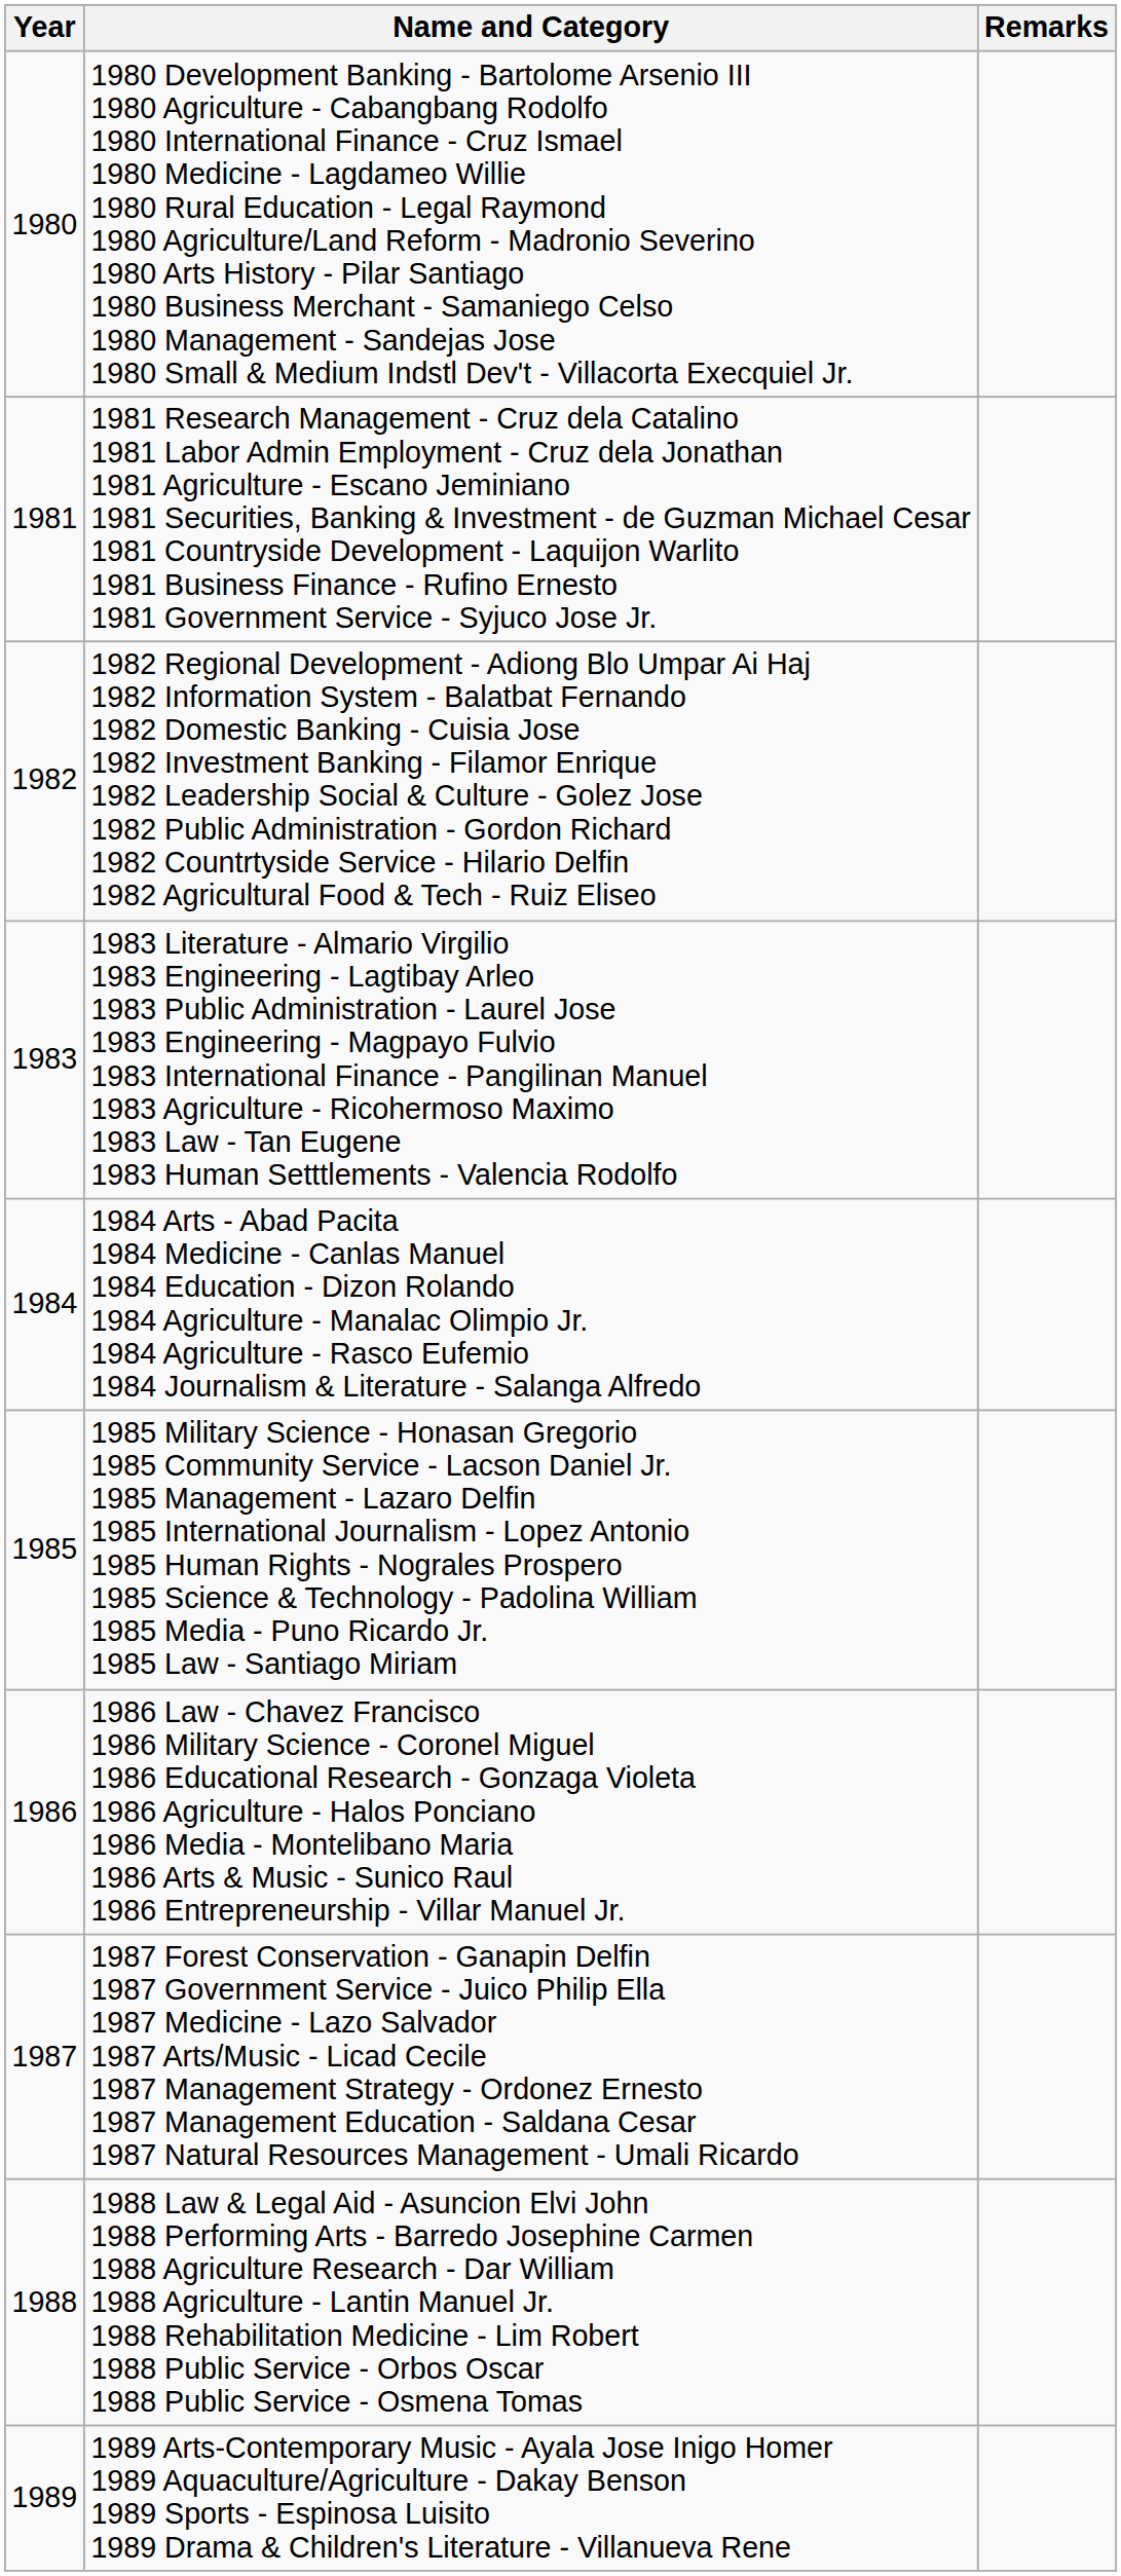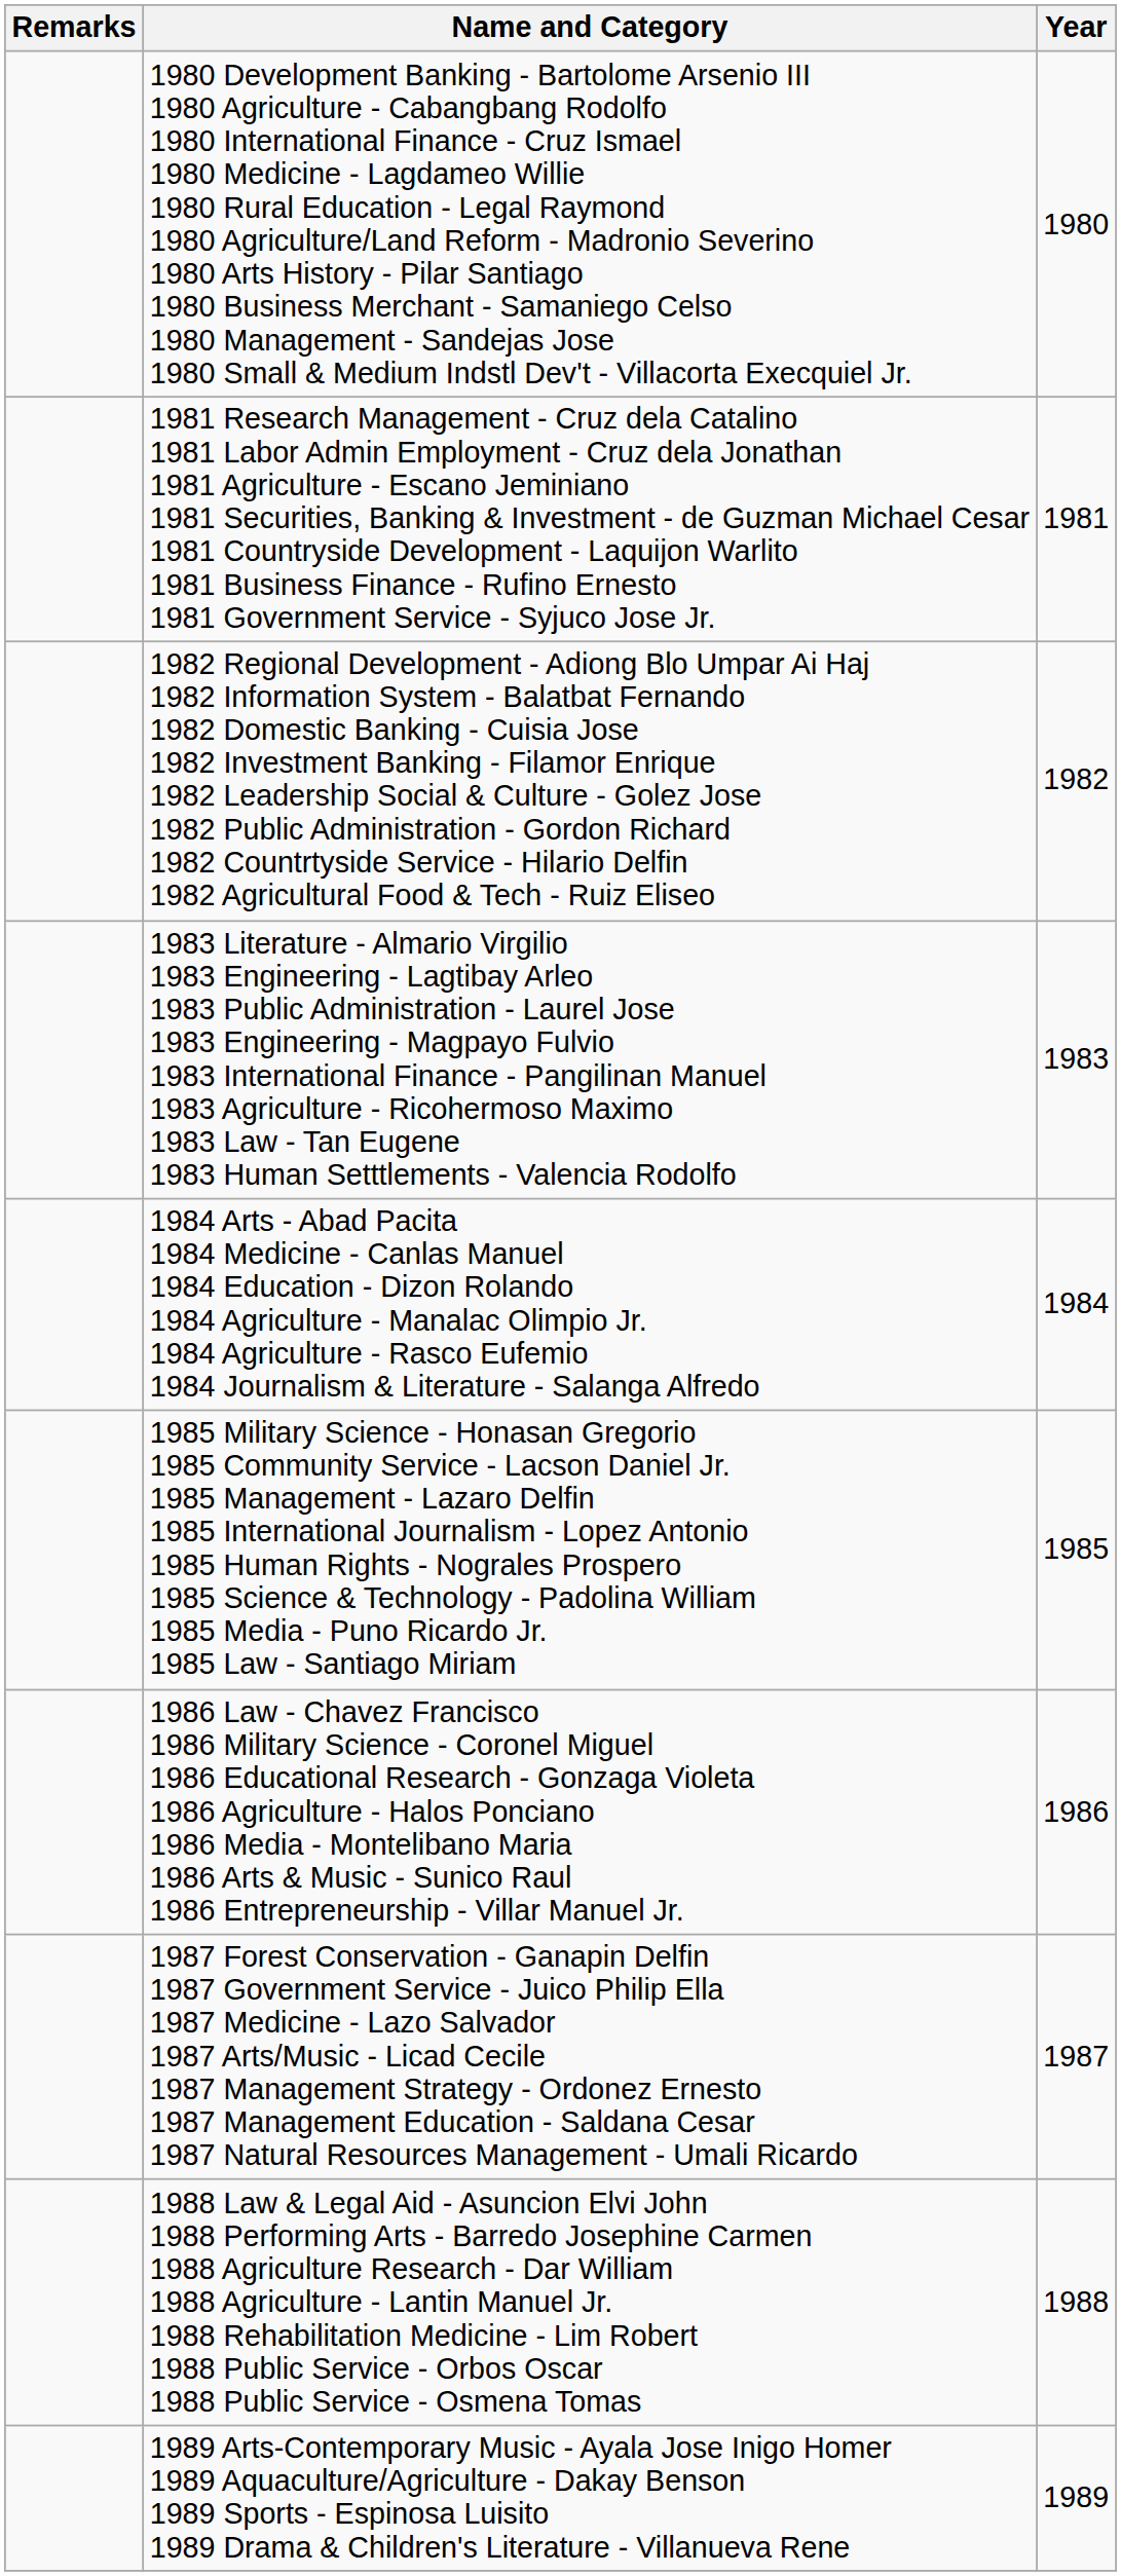 <table class="wikitable">
 <tr>
+<th>Remarks</th>
+<th>Name and Category</th>
 <th>Year</th>
-<th>Name and Category</th>
-<th>Remarks</th>
 </tr>
 <tr>
+<td></td>
+<td>1980 Development Banking - Bartolome Arsenio III<br>1980 Agriculture - Cabangbang Rodolfo<br>1980 International Finance - Cruz Ismael<br>1980 Medicine - Lagdameo Willie<br>1980 Rural Education - Legal Raymond<br>1980 Agriculture/Land Reform - Madronio Severino<br>1980 Arts History - Pilar Santiago<br>1980 Business Merchant - Samaniego Celso<br>1980 Management - Sandejas Jose<br>1980 Small & Medium Indstl Dev't - Villacorta Execquiel Jr.</td>
 <td>1980</td>
-<td>1980 Development Banking - Bartolome Arsenio III<br>1980 Agriculture - Cabangbang Rodolfo<br>1980 International Finance - Cruz Ismael<br>1980 Medicine - Lagdameo Willie<br>1980 Rural Education - Legal Raymond<br>1980 Agriculture/Land Reform - Madronio Severino<br>1980 Arts History - Pilar Santiago<br>1980 Business Merchant - Samaniego Celso<br>1980 Management - Sandejas Jose<br>1980 Small & Medium Indstl Dev't - Villacorta Execquiel Jr.</td>
-<td></td>
 </tr>
 <tr>
+<td></td>
+<td>1981 Research Management - Cruz dela Catalino<br>1981 Labor Admin Employment - Cruz dela Jonathan <br>1981 Agriculture - Escano Jeminiano<br>1981 Securities, Banking & Investment - de Guzman Michael Cesar<br>1981 Countryside Development - Laquijon Warlito<br>1981 Business Finance - Rufino Ernesto<br>1981 Government Service - Syjuco Jose Jr.</td>
 <td>1981</td>
-<td>1981 Research Management - Cruz dela Catalino<br>1981 Labor Admin Employment - Cruz dela Jonathan <br>1981 Agriculture - Escano Jeminiano<br>1981 Securities, Banking & Investment - de Guzman Michael Cesar<br>1981 Countryside Development - Laquijon Warlito<br>1981 Business Finance - Rufino Ernesto<br>1981 Government Service - Syjuco Jose Jr.</td>
-<td></td>
 </tr>
 <tr>
+<td></td>
+<td>1982 Regional Development - Adiong Blo Umpar Ai Haj<br>1982 Information System - Balatbat Fernando<br>1982 Domestic Banking - Cuisia Jose<br>1982 Investment Banking - Filamor Enrique<br>1982 Leadership Social & Culture - Golez Jose<br>1982 Public Administration - Gordon Richard<br>1982 Countrtyside Service - Hilario Delfin<br>1982 Agricultural Food & Tech - Ruiz Eliseo</td>
 <td>1982</td>
-<td>1982 Regional Development - Adiong Blo Umpar Ai Haj<br>1982 Information System - Balatbat Fernando<br>1982 Domestic Banking - Cuisia Jose<br>1982 Investment Banking - Filamor Enrique<br>1982 Leadership Social & Culture - Golez Jose<br>1982 Public Administration - Gordon Richard<br>1982 Countrtyside Service - Hilario Delfin<br>1982 Agricultural Food & Tech - Ruiz Eliseo</td>
-<td></td>
 </tr>
 <tr>
+<td></td>
+<td>1983 Literature - Almario Virgilio<br>1983 Engineering - Lagtibay Arleo<br>1983 Public Administration - Laurel Jose<br>1983 Engineering - Magpayo Fulvio<br>1983 International Finance - Pangilinan Manuel<br>1983 Agriculture - Ricohermoso Maximo<br>1983 Law - Tan Eugene<br>1983 Human Setttlements - Valencia Rodolfo</td>
 <td>1983</td>
-<td>1983 Literature - Almario Virgilio<br>1983 Engineering - Lagtibay Arleo<br>1983 Public Administration - Laurel Jose<br>1983 Engineering - Magpayo Fulvio<br>1983 International Finance - Pangilinan Manuel<br>1983 Agriculture - Ricohermoso Maximo<br>1983 Law - Tan Eugene<br>1983 Human Setttlements - Valencia Rodolfo</td>
-<td></td>
 </tr>
 <tr>
+<td></td>
+<td>1984 Arts - Abad Pacita<br>1984 Medicine - Canlas Manuel<br>1984 Education - Dizon Rolando<br>1984 Agriculture - Manalac Olimpio Jr.<br>1984 Agriculture - Rasco Eufemio<br>1984 Journalism & Literature - Salanga Alfredo</td>
 <td>1984</td>
-<td>1984 Arts - Abad Pacita<br>1984 Medicine - Canlas Manuel<br>1984 Education - Dizon Rolando<br>1984 Agriculture - Manalac Olimpio Jr.<br>1984 Agriculture - Rasco Eufemio<br>1984 Journalism & Literature - Salanga Alfredo</td>
-<td></td>
 </tr>
 <tr>
+<td></td>
+<td>1985 Military Science - Honasan Gregorio<br>1985 Community Service - Lacson Daniel Jr.<br>1985 Management - Lazaro Delfin<br>1985 International Journalism - Lopez Antonio<br>1985 Human Rights - Nograles Prospero<br>1985 Science & Technology - Padolina William<br>1985 Media - Puno Ricardo Jr.<br>1985 Law - Santiago Miriam</td>
 <td>1985</td>
-<td>1985 Military Science - Honasan Gregorio<br>1985 Community Service - Lacson Daniel Jr.<br>1985 Management - Lazaro Delfin<br>1985 International Journalism - Lopez Antonio<br>1985 Human Rights - Nograles Prospero<br>1985 Science & Technology - Padolina William<br>1985 Media - Puno Ricardo Jr.<br>1985 Law - Santiago Miriam</td>
-<td></td>
 </tr>
 <tr>
+<td></td>
+<td>1986 Law - Chavez Francisco<br>1986 Military Science - Coronel Miguel<br>1986 Educational Research - Gonzaga Violeta<br>1986 Agriculture - Halos Ponciano<br>1986 Media - Montelibano Maria<br>1986 Arts & Music - Sunico Raul<br>1986 Entrepreneurship - Villar Manuel Jr.</td>
 <td>1986</td>
-<td>1986 Law - Chavez Francisco<br>1986 Military Science - Coronel Miguel<br>1986 Educational Research - Gonzaga Violeta<br>1986 Agriculture - Halos Ponciano<br>1986 Media - Montelibano Maria<br>1986 Arts & Music - Sunico Raul<br>1986 Entrepreneurship - Villar Manuel Jr.</td>
-<td></td>
 </tr>
 <tr>
+<td></td>
+<td>1987 Forest Conservation - Ganapin Delfin<br>1987 Government Service - Juico Philip Ella<br>1987 Medicine - Lazo Salvador<br>1987 Arts/Music - Licad Cecile<br>1987 Management Strategy - Ordonez Ernesto<br>1987 Management Education - Saldana Cesar<br>1987 Natural Resources Management - Umali Ricardo</td>
 <td>1987</td>
-<td>1987 Forest Conservation - Ganapin Delfin<br>1987 Government Service - Juico Philip Ella<br>1987 Medicine - Lazo Salvador<br>1987 Arts/Music - Licad Cecile<br>1987 Management Strategy - Ordonez Ernesto<br>1987 Management Education - Saldana Cesar<br>1987 Natural Resources Management - Umali Ricardo</td>
-<td></td>
 </tr>
 <tr>
+<td></td>
+<td>1988 Law & Legal Aid - Asuncion Elvi John<br>1988 Performing Arts - Barredo Josephine Carmen<br>1988 Agriculture Research - Dar William<br>1988 Agriculture - Lantin Manuel Jr.<br>1988 Rehabilitation Medicine - Lim Robert<br>1988 Public Service - Orbos Oscar<br>1988 Public Service - Osmena Tomas</td>
 <td>1988</td>
-<td>1988 Law & Legal Aid - Asuncion Elvi John<br>1988 Performing Arts - Barredo Josephine Carmen<br>1988 Agriculture Research - Dar William<br>1988 Agriculture - Lantin Manuel Jr.<br>1988 Rehabilitation Medicine - Lim Robert<br>1988 Public Service - Orbos Oscar<br>1988 Public Service - Osmena Tomas</td>
-<td></td>
 </tr>
 <tr>
+<td></td>
+<td>1989 Arts-Contemporary Music - Ayala Jose Inigo Homer<br>1989 Aquaculture/Agriculture - Dakay Benson<br>1989 Sports - Espinosa Luisito<br>1989 Drama & Children's Literature - Villanueva Rene</td>
 <td>1989</td>
-<td>1989 Arts-Contemporary Music - Ayala Jose Inigo Homer<br>1989 Aquaculture/Agriculture - Dakay Benson<br>1989 Sports - Espinosa Luisito<br>1989 Drama & Children's Literature - Villanueva Rene</td>
-<td></td>
 </tr>
 </table>
